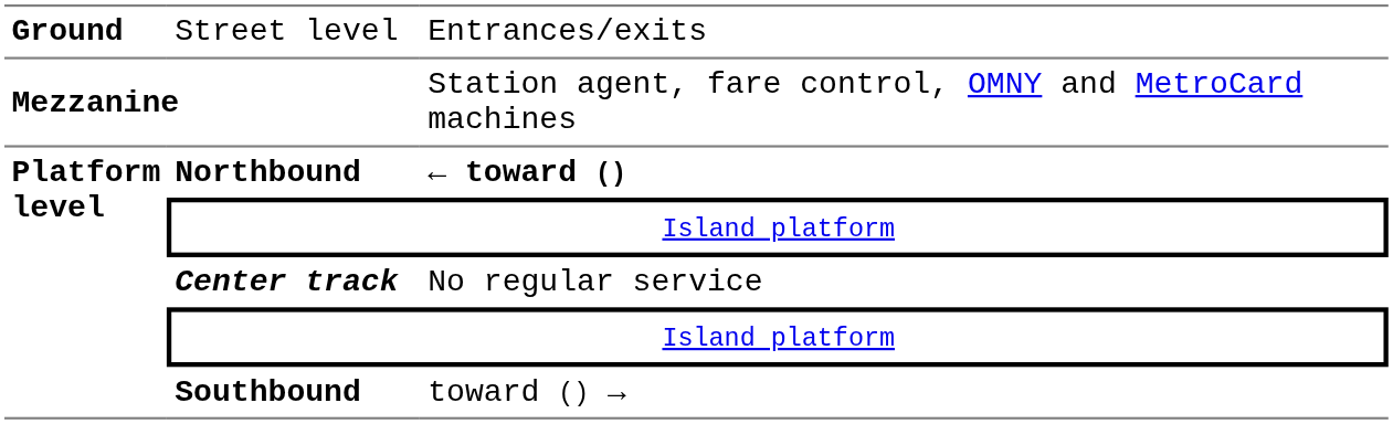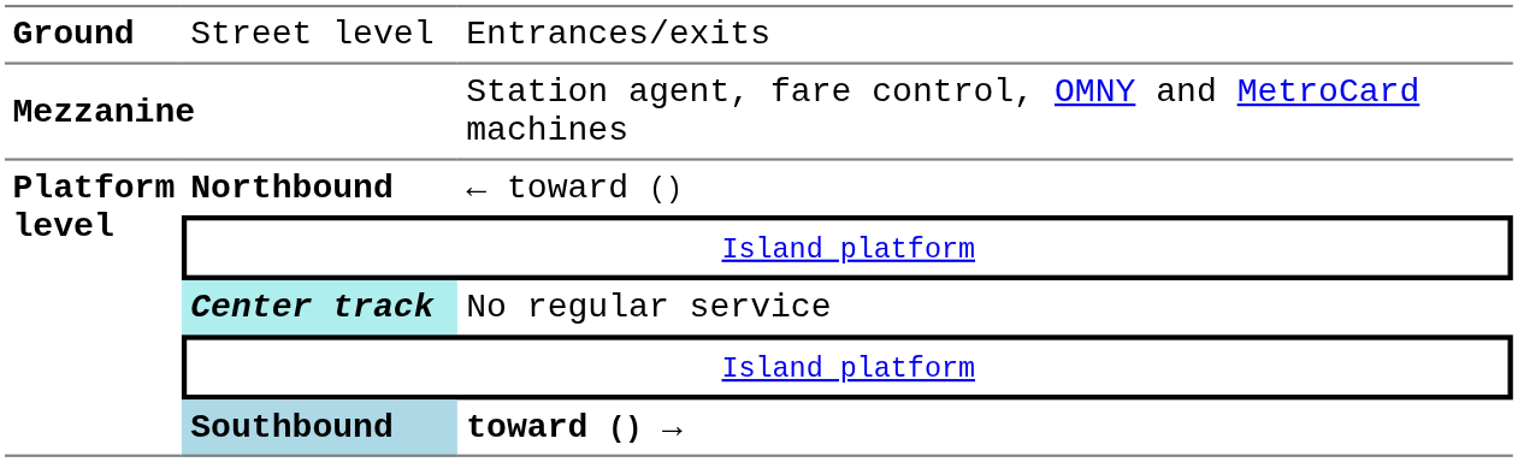 <table border=0 cellspacing=0 cellpadding=3>
 <tr>
 <td style="border-top:solid 1px gray;border-bottom:solid 1px gray;"width=50><strong>Ground</strong></td>
 <td style="border-top:solid 1px gray;border-bottom:solid 1px gray;" width=100>Street level</td>
 <td style="border-top:solid 1px gray;border-bottom:solid 1px gray;" width=400>Entrances/exits</td>
 </tr>
 <tr>
 <td colspan=2><strong>Mezzanine</strong></td>
 <td>Station agent, fare control, <a href='#'>OMNY</a> and <a href='#'>MetroCard</a> machines</td>
 </tr>
 <tr>
 <td style="border-top:solid 1px gray;border-bottom:solid 1px gray;" valign=top rowspan=5><strong>Platform level</strong></td>
 <td style="border-top:solid 1px gray;"><span><strong>Northbound</strong></span></td>
-<td style="border-top:solid 1px gray;"><strong>←  toward  <small>()</small></strong></td>
+<td style="border-top:solid 1px gray;">←  toward  <small>()</small></td>
 </tr>
 <tr>
 <td style="border-top:solid 2px black;border-right:solid 2px black;border-left:solid 2px black;border-bottom:solid 2px black;text-align:center;" colspan=2><small><a href='#'>Island platform</a></small></td>
 </tr>
 <tr>
-<td><strong><em>Center track</em></strong></td>
+<td style="background: paleturquoise;"><strong><em>Center track</em></strong></td>
 <td> No regular service</td>
 </tr>
 <tr>
 <td style="border-top:solid 2px black;border-right:solid 2px black;border-left:solid 2px black;border-bottom:solid 2px black;text-align:center;" colspan=2><small><a href='#'>Island platform</a></small></td>
 </tr>
 <tr>
-<td style="border-bottom:solid 1px gray;"><span><strong>Southbound</strong></span></td>
-<td style="border-bottom:solid 1px gray;">  toward  <small>()</small> →</td>
+<td style="background: lightblue; border-bottom:solid 1px gray;"><span><strong>Southbound</strong></span></td>
+<td style="border-bottom:solid 1px gray;"><strong>  toward  <small>()</small> →</strong></td>
 </tr>
 </table>
